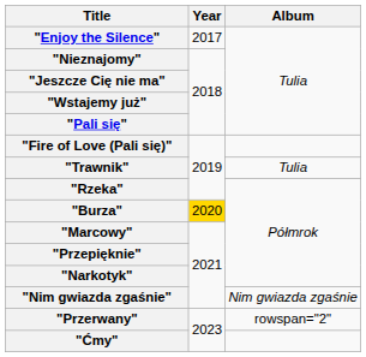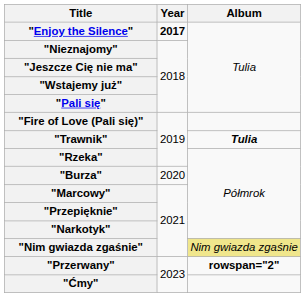 <table class="wikitable plainrowheaders" style="text-align:center;">
 <tr>
 <th scope="col" style="width:13em;">Title</th>
 <th scope="col" style="width:1em;">Year</th>
 <th scope="col">Album</th>
 </tr>
 <tr>
 <th scope="row">"<a href='#'>Enjoy the Silence</a>"</th>
-<td>2017</td>
+<td><strong>2017</strong></td>
 <td rowspan="5"><em>Tulia</em></td>
 </tr>
 <tr>
 <th scope="row">"Nieznajomy"</th>
 <td rowspan="4">2018</td>
 </tr>
 <tr>
 <th scope="row">"Jeszcze Cię nie ma"</th>
 </tr>
 <tr>
 <th scope="row">"Wstajemy już"</th>
 </tr>
 <tr>
 <th scope="row">"<a href='#'>Pali się</a>"</th>
 </tr>
 <tr>
 <th scope="row">"Fire of Love (Pali się)"</th>
 <td rowspan="3">2019</td>
 <td></td>
 </tr>
 <tr>
 <th scope="row">"Trawnik"<br></th>
-<td><em> Tulia</em></td>
+<td><strong><em> Tulia</em></strong></td>
 </tr>
 <tr>
 <th scope="row">"Rzeka"</th>
 <td rowspan="5"><em>Półmrok</em></td>
 </tr>
 <tr>
 <th scope="row">"Burza"</th>
-<td style="background: gold;">2020</td>
+<td>2020</td>
 </tr>
 <tr>
 <th scope="row">"Marcowy"</th>
 <td rowspan="4">2021</td>
 </tr>
 <tr>
 <th scope="row">"Przepięknie"</th>
 </tr>
 <tr>
 <th scope="row">"Narkotyk"</th>
 </tr>
 <tr>
 <th scope="row">"Nim gwiazda zgaśnie"</th>
-<td><em>Nim gwiazda zgaśnie</em></td>
+<td style="background: khaki;"><em>Nim gwiazda zgaśnie</em></td>
 </tr>
 <tr>
 <th scope="row">"Przerwany"<br></th>
 <td rowspan="2">2023</td>
-<td>rowspan="2" </td>
+<td><strong>rowspan="2" </strong></td>
 </tr>
 <tr>
 <th scope="row">"Ćmy"<br></th>
 </tr>
 </table>
